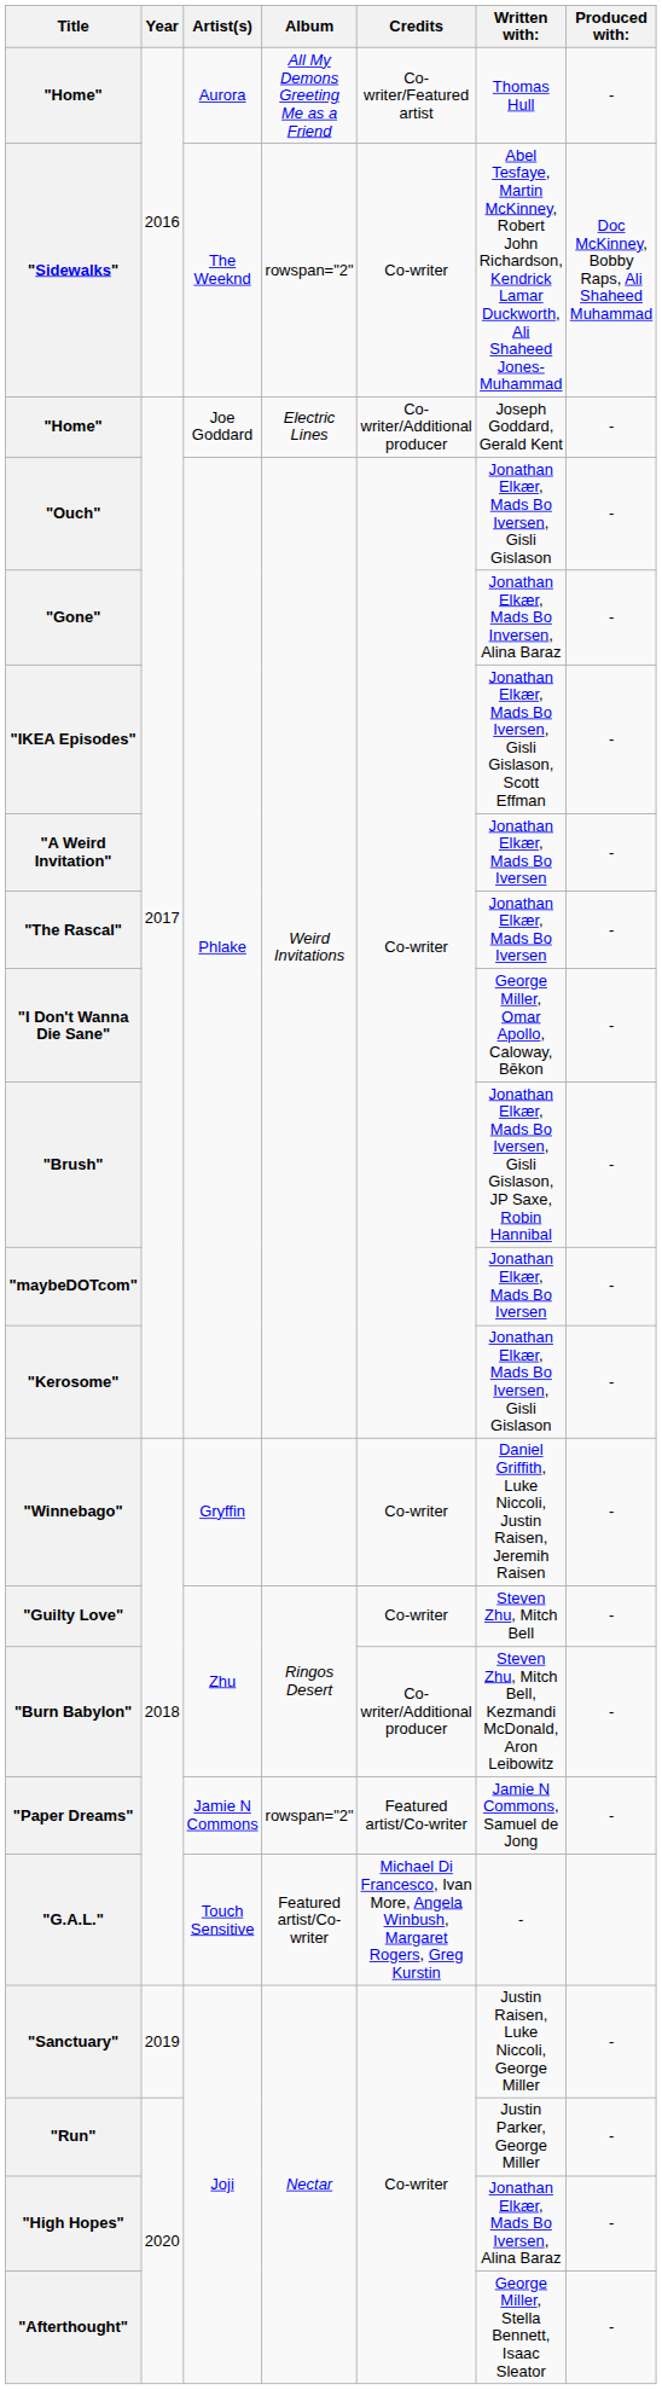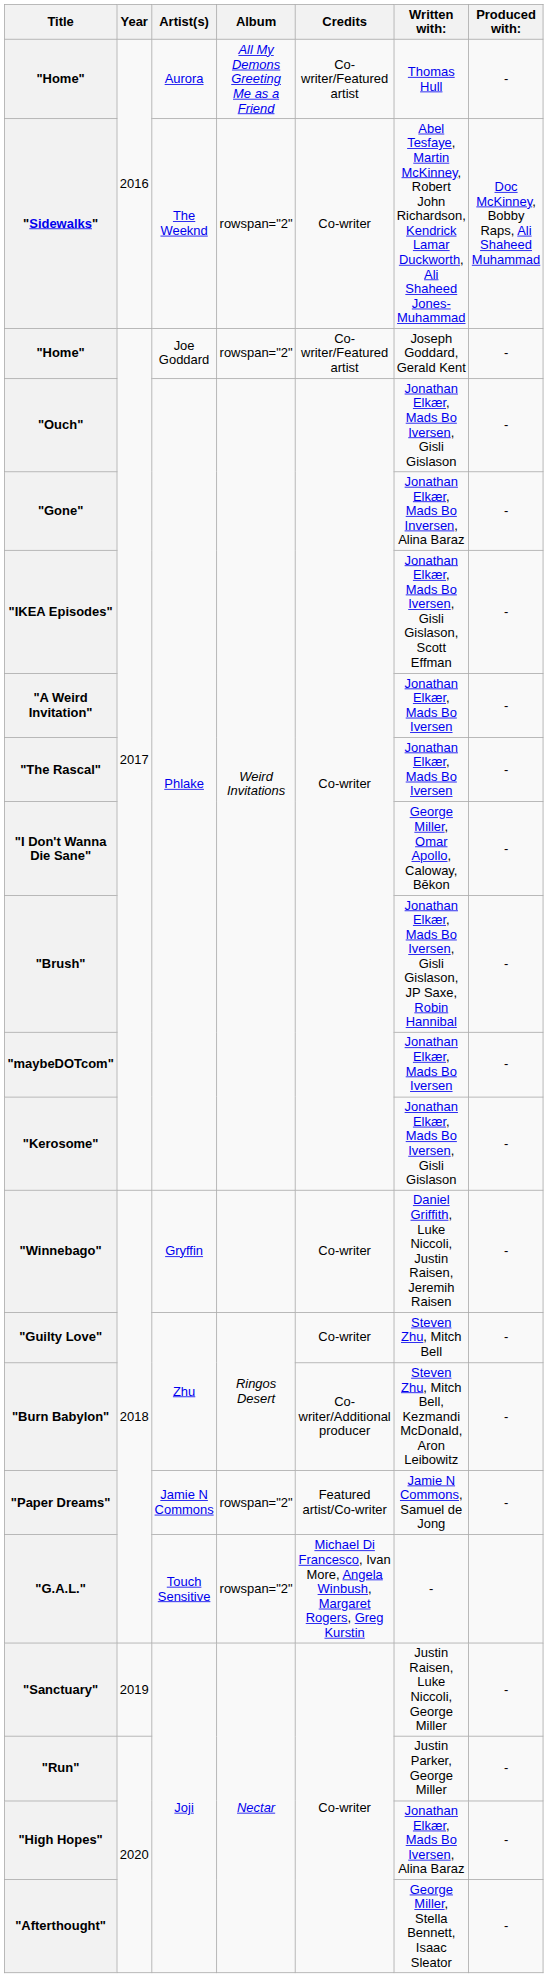 <table class="wikitable plainrowheaders" style="text-align:center;">
 <tr>
 <th scope="col" style="width:160px;">Title</th>
 <th scope="col">Year</th>
 <th scope="col">Artist(s)</th>
 <th scope="col" style="width:180px;">Album</th>
 <th scope="col">Credits</th>
 <th scope="col">Written with:</th>
 <th scope="col">Produced with:</th>
 </tr>
 <tr>
 <th scope="row">"Home"</th>
 <td rowspan="2">2016</td>
 <td><a href='#'>Aurora</a></td>
 <td><em><a href='#'>All My Demons Greeting<br>Me as a Friend</a></em></td>
 <td>Co-writer/Featured artist</td>
 <td><a href='#'>Thomas Hull</a></td>
 <td>-</td>
 </tr>
 <tr>
 <th scope="row">"<a href='#'>Sidewalks</a>"<br></th>
 <td><a href='#'>The Weeknd</a></td>
 <td>rowspan="2" </td>
 <td>Co-writer</td>
 <td><a href='#'>Abel Tesfaye</a>, <a href='#'>Martin McKinney</a>, Robert John Richardson, <a href='#'>Kendrick Lamar Duckworth</a>, <a href='#'>Ali Shaheed Jones-Muhammad</a></td>
 <td><a href='#'>Doc McKinney</a>, Bobby Raps, <a href='#'>Ali Shaheed Muhammad</a></td>
 </tr>
 <tr>
 <th scope="row">"Home"<br></th>
 <td rowspan="10">2017</td>
 <td>Joe Goddard</td>
-<td><em>Electric Lines</em></td>
-<td>Co-writer/Additional producer</td>
+<td>rowspan="2" </td>
+<td>Co-writer/Featured artist</td>
 <td>Joseph Goddard, Gerald Kent</td>
 <td>-</td>
 </tr>
 <tr>
 <th scope="row">"Ouch"</th>
 <td rowspan="9"><a href='#'>Phlake</a></td>
 <td rowspan="9"><em>Weird Invitations</em></td>
 <td rowspan="9">Co-writer</td>
 <td><a href='#'>Jonathan Elkær</a>, <a href='#'>Mads Bo Iversen</a>, Gisli Gislason</td>
 <td>-</td>
 </tr>
 <tr>
 <th scope="row">"Gone"<br></th>
 <td><a href='#'>Jonathan Elkær</a>, <a href='#'>Mads Bo Inversen</a>, Alina Baraz</td>
 <td>-</td>
 </tr>
 <tr>
 <th scope="row">"IKEA Episodes"</th>
 <td><a href='#'>Jonathan Elkær</a>, <a href='#'>Mads Bo Iversen</a>, Gisli Gislason, Scott Effman</td>
 <td>-</td>
 </tr>
 <tr>
 <th scope="row">"A Weird Invitation"</th>
 <td><a href='#'>Jonathan Elkær</a>, <a href='#'>Mads Bo Iversen</a></td>
 <td>-</td>
 </tr>
 <tr>
 <th scope="row">"The Rascal"</th>
 <td><a href='#'>Jonathan Elkær</a>, <a href='#'>Mads Bo Iversen</a></td>
 <td>-</td>
 </tr>
 <tr>
 <th scope="row">"I Don't Wanna Die Sane"</th>
 <td><a href='#'>George Miller</a>, <a href='#'>Omar Apollo</a>, Caloway, Bēkon</td>
 <td>-</td>
 </tr>
 <tr>
 <th scope="row">"Brush"</th>
 <td><a href='#'>Jonathan Elkær</a>, <a href='#'>Mads Bo Iversen</a>, Gisli Gislason, JP Saxe, <a href='#'>Robin Hannibal</a></td>
 <td>-</td>
 </tr>
 <tr>
 <th scope="row">"maybeDOTcom"</th>
 <td><a href='#'>Jonathan Elkær</a>, <a href='#'>Mads Bo Iversen</a></td>
 <td>-</td>
 </tr>
 <tr>
 <th scope="row">"Kerosome"</th>
 <td><a href='#'>Jonathan Elkær</a>, <a href='#'>Mads Bo Iversen</a>, Gisli Gislason</td>
 <td>-</td>
 </tr>
 <tr>
 <th scope="row">"Winnebago"<br></th>
 <td rowspan="5">2018</td>
 <td><a href='#'>Gryffin</a></td>
 <td></td>
 <td>Co-writer</td>
 <td><a href='#'>Daniel Griffith</a>, Luke Niccoli, Justin Raisen, Jeremih Raisen</td>
 <td>-</td>
 </tr>
 <tr>
 <th scope="row">"Guilty Love"</th>
 <td rowspan="2"><a href='#'>Zhu</a></td>
 <td rowspan="2"><em>Ringos Desert</em></td>
 <td>Co-writer</td>
 <td><a href='#'>Steven Zhu</a>, Mitch Bell</td>
 <td>-</td>
 </tr>
 <tr>
 <th scope="row">"Burn Babylon"<br></th>
 <td>Co-writer/Additional producer</td>
 <td><a href='#'>Steven Zhu</a>, Mitch Bell, Kezmandi McDonald, Aron Leibowitz</td>
 <td>-</td>
 </tr>
 <tr>
 <th scope="row">"Paper Dreams"</th>
 <td><a href='#'>Jamie N Commons</a></td>
 <td>rowspan="2" </td>
 <td>Featured artist/Co-writer</td>
 <td><a href='#'>Jamie N Commons</a>, Samuel de Jong</td>
 <td>-</td>
 </tr>
 <tr>
 <th scope="row">"G.A.L."<br></th>
 <td><a href='#'>Touch Sensitive</a></td>
-<td>Featured artist/Co-writer</td>
+<td>rowspan="2" </td>
 <td><a href='#'>Michael Di Francesco</a>, Ivan More, <a href='#'>Angela Winbush</a>, <a href='#'>Margaret Rogers</a>, <a href='#'>Greg Kurstin</a></td>
 <td>-</td>
 </tr>
 <tr>
 <th scope="row">"Sanctuary"<br></th>
 <td>2019</td>
 <td rowspan="4"><a href='#'>Joji</a></td>
 <td rowspan="4"><em><a href='#'>Nectar</a></em></td>
 <td rowspan="4">Co-writer</td>
 <td>Justin Raisen, Luke Niccoli, George Miller</td>
 <td>-</td>
 </tr>
 <tr>
 <th scope="row">"Run"<br></th>
 <td rowspan="3">2020</td>
 <td>Justin Parker, George Miller</td>
 <td>-</td>
 </tr>
 <tr>
 <th scope="row">"High Hopes"<br></th>
 <td><a href='#'>Jonathan Elkær</a>, <a href='#'>Mads Bo Iversen</a>, Alina Baraz</td>
 <td>-</td>
 </tr>
 <tr>
 <th scope="row">"Afterthought"<br></th>
 <td><a href='#'>George Miller</a>, Stella Bennett, Isaac Sleator</td>
 <td>-</td>
 </tr>
 </table>
